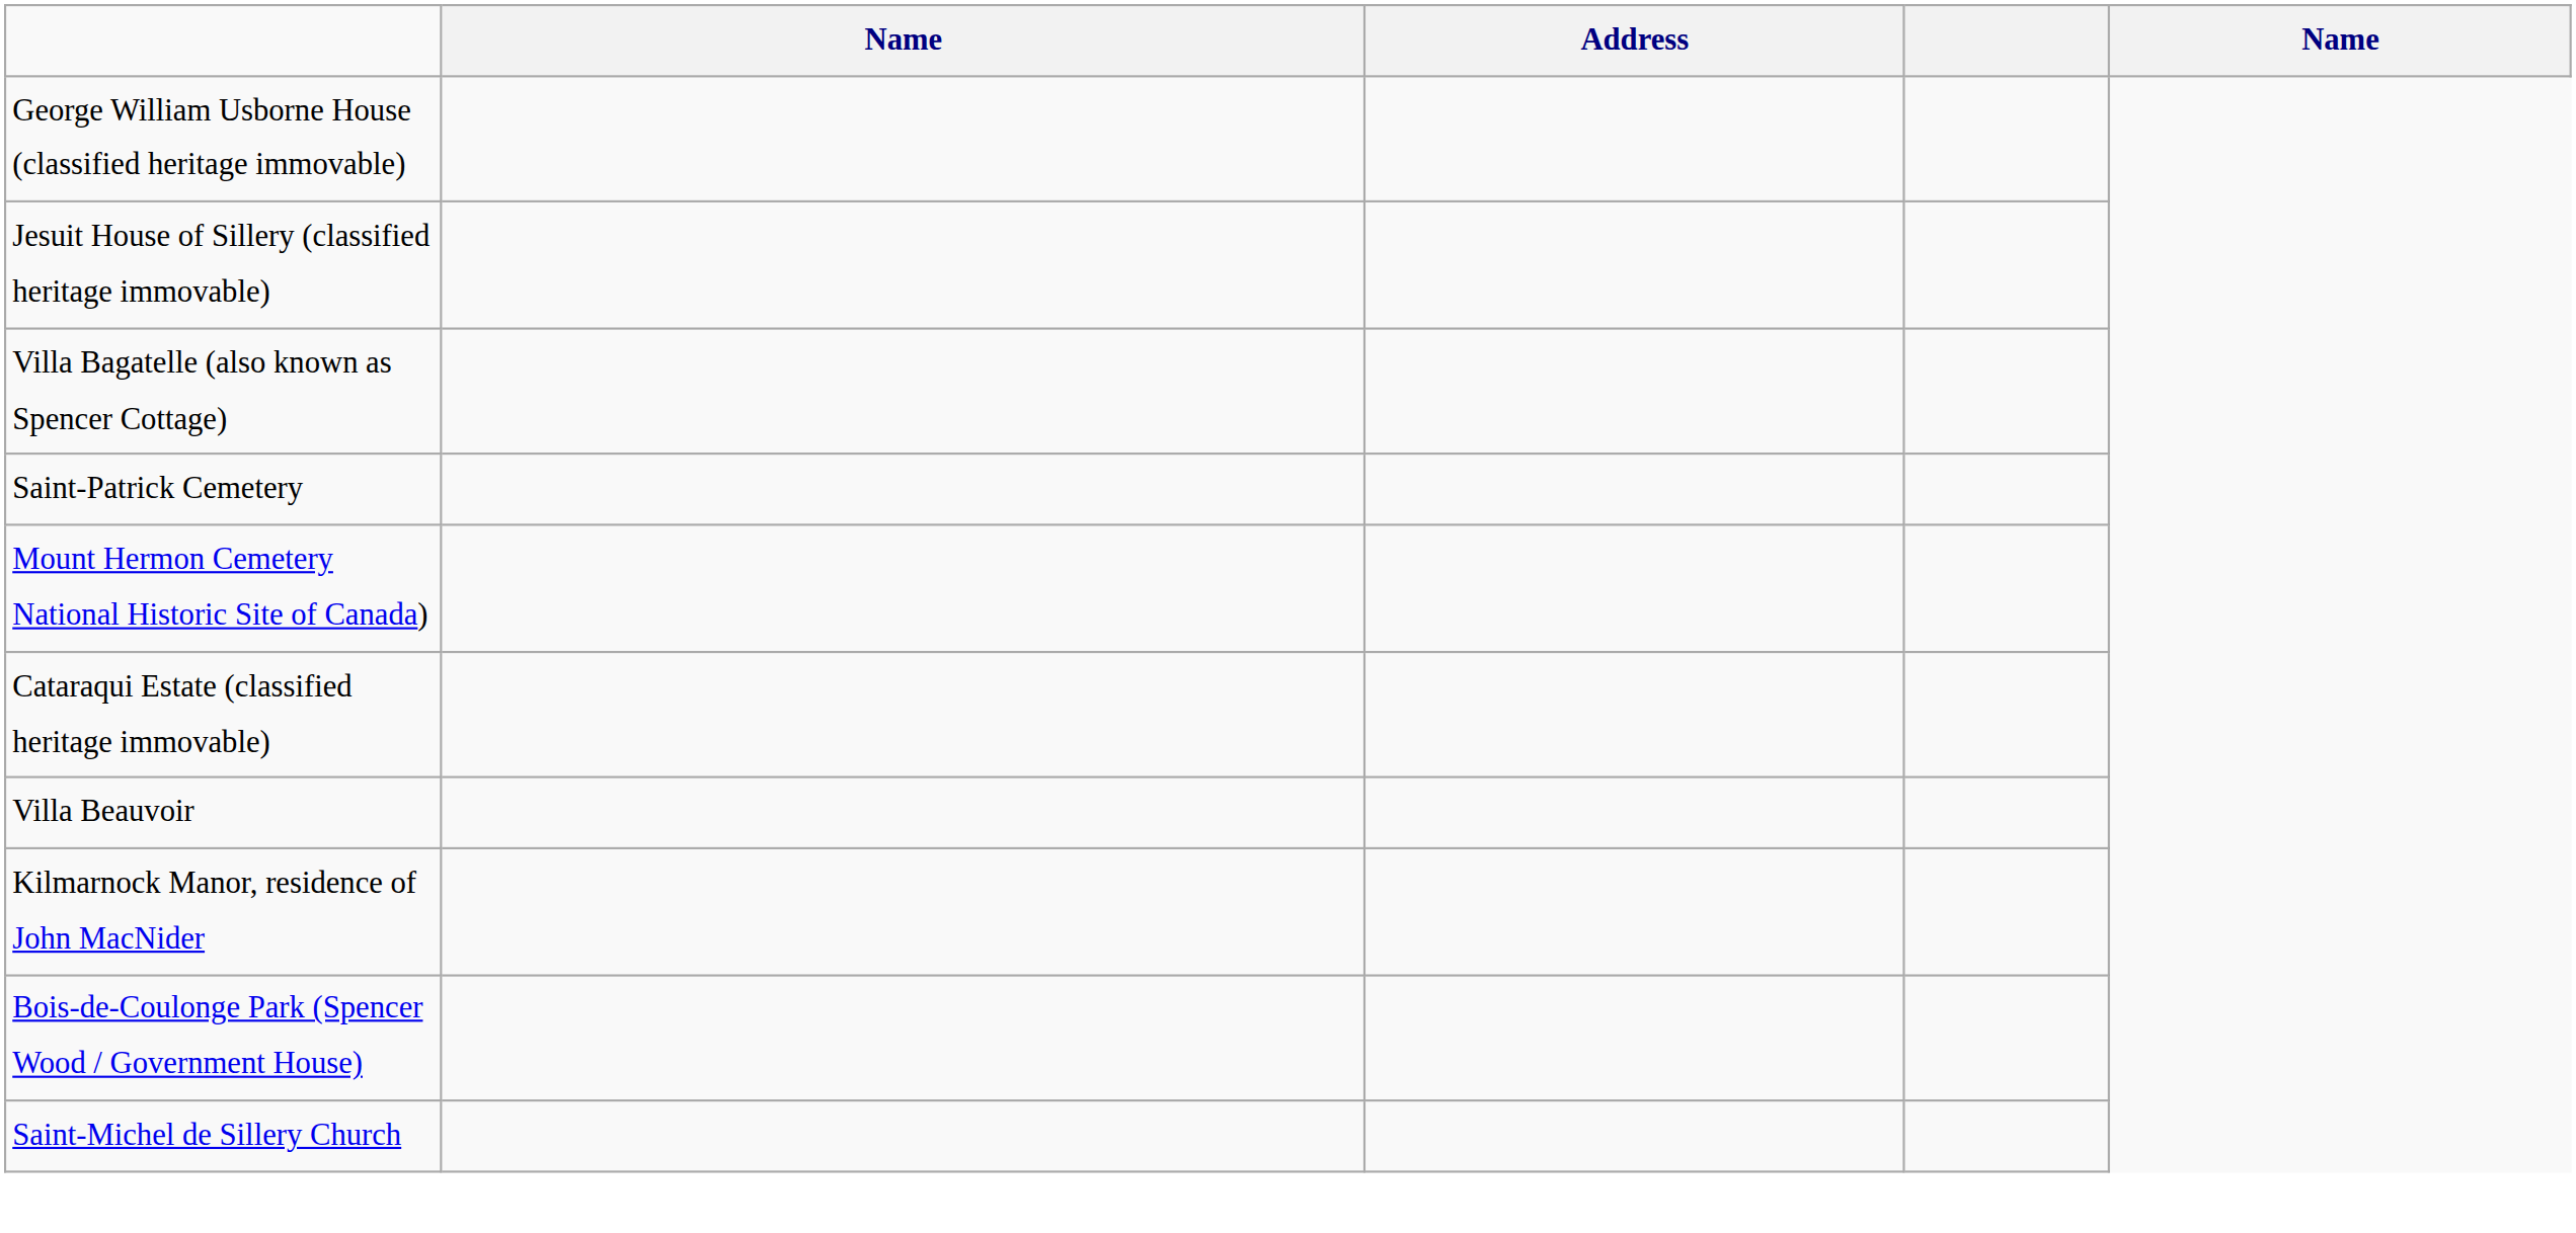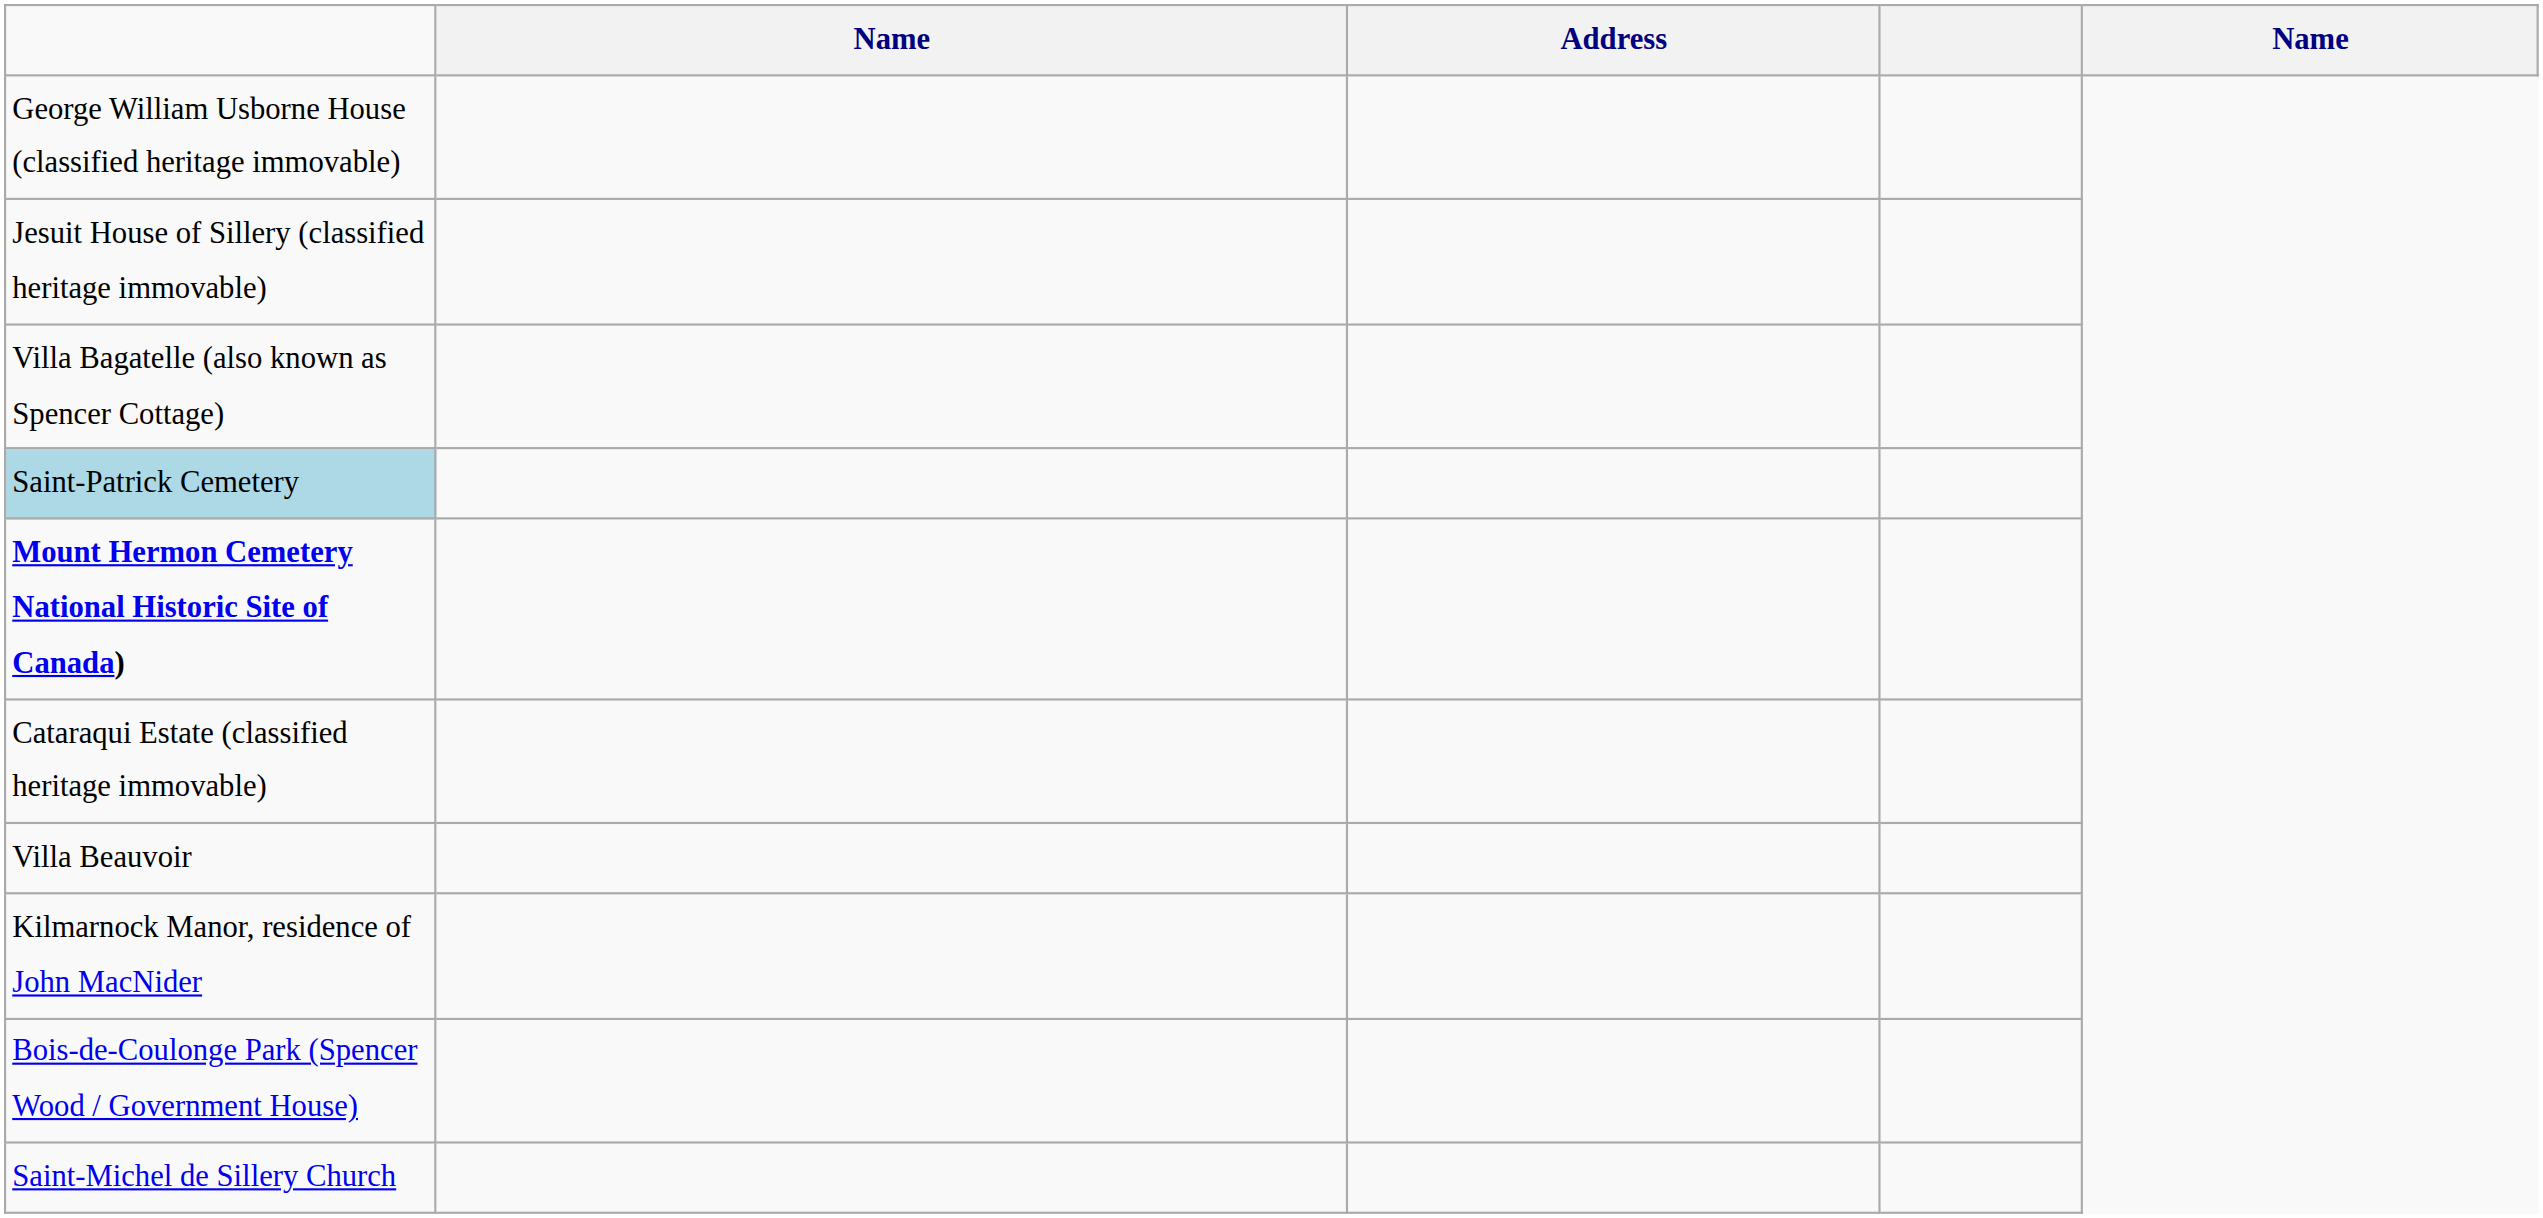 <table class="wikitable sortable" style="font-size:90%;width:60%;border:80px;text-align:left;line-height:180%;">
 <tr>
 <td></td>
 <th !  style="background:#f2f2f2; color:navy; width:36%;">Name</th>
 <th !  style="background:#f2f2f2; color:navy; width:21%;">Address</th>
 <th !  style="background:#f2f2f2; color:navy; width:8%;"></th>
 <th !  style="background:#f2f2f2; color:navy; width:18%;">Name </th>
 </tr>
 <tr>
 <td>George William Usborne House (classified heritage immovable)</td>
 <td></td>
 <td></td>
 <td></td>
 </tr>
 <tr>
 <td>Jesuit House of Sillery (classified heritage immovable)</td>
 <td></td>
 <td></td>
 <td></td>
 </tr>
 <tr>
 <td>Villa Bagatelle (also known as Spencer Cottage)</td>
 <td></td>
 <td></td>
 <td></td>
 </tr>
 <tr>
-<td>Saint-Patrick Cemetery</td>
+<td style="background: lightblue;">Saint-Patrick Cemetery</td>
 <td></td>
 <td></td>
 <td></td>
 </tr>
 <tr>
-<td><a href='#'>Mount Hermon Cemetery</a> <a href='#'>National Historic Site of Canada</a>)</td>
+<td><strong><a href='#'>Mount Hermon Cemetery</a> <a href='#'>National Historic Site of Canada</a>)</strong></td>
 <td></td>
 <td></td>
 <td></td>
 </tr>
 <tr>
 <td>Cataraqui Estate (classified heritage immovable)</td>
 <td></td>
 <td></td>
 <td></td>
 </tr>
 <tr>
 <td>Villa Beauvoir</td>
 <td></td>
 <td></td>
 <td></td>
 </tr>
 <tr>
 <td>Kilmarnock Manor, residence of <a href='#'>John MacNider</a></td>
 <td></td>
 <td></td>
 <td></td>
 </tr>
 <tr>
 <td><a href='#'>Bois-de-Coulonge Park (Spencer Wood / Government House)</a></td>
 <td></td>
 <td></td>
 <td></td>
 </tr>
 <tr>
 <td><a href='#'>Saint-Michel de Sillery Church</a></td>
 <td></td>
 <td></td>
 <td></td>
 </tr>
 </table>
